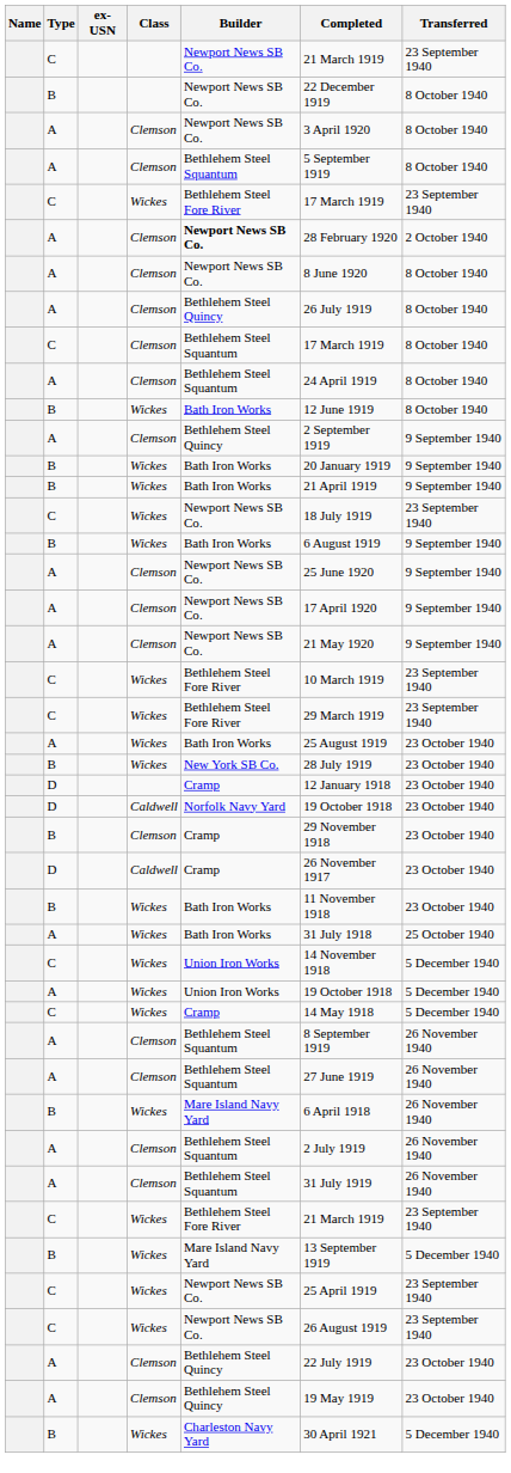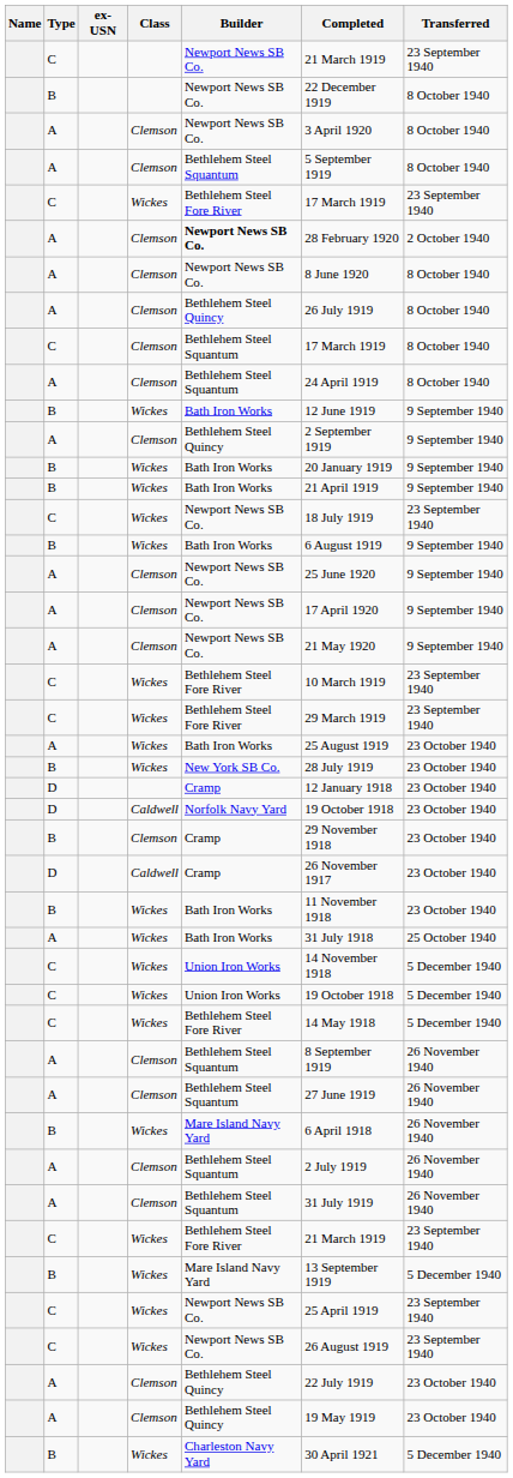 <table class="wikitable sortable plainrowheaders">
 <tr>
 <th scope="col">Name</th>
 <th scope="col">Type</th>
 <th scope="col">ex- USN</th>
 <th scope="col">Class</th>
 <th scope="col">Builder</th>
 <th scope="col">Completed</th>
 <th scope="col">Transferred</th>
 </tr>
 <tr>
 <th scope="row"></th>
 <td>C</td>
 <td></td>
 <td></td>
 <td><a href='#'>Newport News SB Co.</a></td>
 <td>21 March 1919</td>
 <td>23 September 1940</td>
 </tr>
 <tr>
 <th scope="row"></th>
 <td>B</td>
 <td></td>
 <td></td>
 <td>Newport News SB Co.</td>
 <td>22 December 1919</td>
 <td>8 October 1940</td>
 </tr>
 <tr>
 <th scope="row"></th>
 <td>A</td>
 <td></td>
 <td><em>Clemson</em></td>
 <td>Newport News SB Co.</td>
 <td>3 April 1920</td>
 <td>8 October 1940</td>
 </tr>
 <tr>
 <th scope="row"></th>
 <td>A</td>
 <td></td>
 <td><em>Clemson</em></td>
 <td>Bethlehem Steel <br><a href='#'>Squantum</a></td>
 <td>5 September 1919</td>
 <td>8 October 1940</td>
 </tr>
 <tr>
 <th scope="row"></th>
 <td>C</td>
 <td></td>
 <td><em>Wickes</em></td>
 <td>Bethlehem Steel <br><a href='#'>Fore River</a></td>
 <td>17 March 1919</td>
 <td>23 September 1940</td>
 </tr>
 <tr>
 <th scope="row"></th>
 <td>A</td>
 <td></td>
 <td><em>Clemson</em></td>
 <td><strong>Newport News SB Co.</strong></td>
 <td>28 February 1920</td>
 <td>2 October 1940</td>
 </tr>
 <tr>
 <th scope="row"></th>
 <td>A</td>
 <td></td>
 <td><em>Clemson</em></td>
 <td>Newport News SB Co.</td>
 <td>8 June 1920</td>
 <td>8 October 1940</td>
 </tr>
 <tr>
 <th scope="row"></th>
 <td>A</td>
 <td></td>
 <td><em>Clemson</em></td>
 <td>Bethlehem Steel <br><a href='#'>Quincy</a></td>
 <td>26 July 1919</td>
 <td>8 October 1940</td>
 </tr>
 <tr>
 <th scope="row"></th>
 <td>C</td>
 <td></td>
 <td><em>Clemson</em></td>
 <td>Bethlehem Steel <br>Squantum</td>
 <td>17 March 1919</td>
 <td>8 October 1940</td>
 </tr>
 <tr>
 <th scope="row"></th>
 <td>A</td>
 <td></td>
 <td><em>Clemson</em></td>
 <td>Bethlehem Steel <br>Squantum</td>
 <td>24 April 1919</td>
 <td>8 October 1940</td>
 </tr>
 <tr>
 <th scope="row"></th>
 <td>B</td>
 <td></td>
 <td><em>Wickes</em></td>
 <td><a href='#'>Bath Iron Works</a></td>
 <td>12 June 1919</td>
-<td>8 October 1940</td>
+<td>9 September 1940</td>
 </tr>
 <tr>
 <th scope="row"></th>
 <td>A</td>
 <td></td>
 <td><em>Clemson</em></td>
 <td>Bethlehem Steel <br>Quincy</td>
 <td>2 September 1919</td>
 <td>9 September 1940</td>
 </tr>
 <tr>
 <th scope="row"></th>
 <td>B</td>
 <td></td>
 <td><em>Wickes</em></td>
 <td>Bath Iron Works</td>
 <td>20 January 1919</td>
 <td>9 September 1940</td>
 </tr>
 <tr>
 <th scope="row"></th>
 <td>B</td>
 <td></td>
 <td><em>Wickes</em></td>
 <td>Bath Iron Works</td>
 <td>21 April 1919</td>
 <td>9 September 1940</td>
 </tr>
 <tr>
 <th scope="row"></th>
 <td>C</td>
 <td></td>
 <td><em>Wickes</em></td>
 <td>Newport News SB Co.</td>
 <td>18 July 1919</td>
 <td>23 September 1940</td>
 </tr>
 <tr>
 <th scope="row"></th>
 <td>B</td>
 <td></td>
 <td><em>Wickes</em></td>
 <td>Bath Iron Works</td>
 <td>6 August 1919</td>
 <td>9 September 1940</td>
 </tr>
 <tr>
 <th scope="row"></th>
 <td>A</td>
 <td></td>
 <td><em>Clemson</em></td>
 <td>Newport News SB Co.</td>
 <td>25 June 1920</td>
 <td>9 September 1940</td>
 </tr>
 <tr>
 <th scope="row"></th>
 <td>A</td>
 <td></td>
 <td><em>Clemson</em></td>
 <td>Newport News SB Co.</td>
 <td>17 April 1920</td>
 <td>9 September 1940</td>
 </tr>
 <tr>
 <th scope="row"></th>
 <td>A</td>
 <td></td>
 <td><em>Clemson</em></td>
 <td>Newport News SB Co.</td>
 <td>21 May 1920</td>
 <td>9 September 1940</td>
 </tr>
 <tr>
 <th scope="row"></th>
 <td>C</td>
 <td></td>
 <td><em>Wickes</em></td>
 <td>Bethlehem Steel <br>Fore River</td>
 <td>10 March 1919</td>
 <td>23 September 1940</td>
 </tr>
 <tr>
 <th scope="row"></th>
 <td>C</td>
 <td></td>
 <td><em>Wickes</em></td>
 <td>Bethlehem Steel <br>Fore River</td>
 <td>29 March 1919</td>
 <td>23 September 1940</td>
 </tr>
 <tr>
 <th scope="row"></th>
 <td>A</td>
 <td></td>
 <td><em>Wickes</em></td>
 <td>Bath Iron Works</td>
 <td>25 August 1919</td>
 <td>23 October 1940</td>
 </tr>
 <tr>
 <th scope="row"></th>
 <td>B</td>
 <td></td>
 <td><em>Wickes</em></td>
 <td><a href='#'>New York SB Co.</a></td>
 <td>28 July 1919</td>
 <td>23 October 1940</td>
 </tr>
 <tr>
 <th scope="row"></th>
 <td>D</td>
 <td></td>
 <td></td>
 <td><a href='#'>Cramp</a></td>
 <td>12 January 1918</td>
 <td>23 October 1940</td>
 </tr>
 <tr>
 <th scope="row"></th>
 <td>D</td>
 <td></td>
 <td><em>Caldwell</em></td>
 <td><a href='#'>Norfolk Navy Yard</a></td>
 <td>19 October 1918</td>
 <td>23 October 1940</td>
 </tr>
 <tr>
 <th scope="row"></th>
 <td>B</td>
 <td></td>
 <td><em>Clemson</em></td>
 <td>Cramp</td>
 <td>29 November 1918</td>
 <td>23 October 1940</td>
 </tr>
 <tr>
 <th scope="row"></th>
 <td>D</td>
 <td></td>
 <td><em>Caldwell</em></td>
 <td>Cramp</td>
 <td>26 November 1917</td>
 <td>23 October 1940</td>
 </tr>
 <tr>
 <th scope="row"></th>
 <td>B</td>
 <td></td>
 <td><em>Wickes</em></td>
 <td>Bath Iron Works</td>
 <td>11 November 1918</td>
 <td>23 October 1940</td>
 </tr>
 <tr>
 <th scope="row"></th>
 <td>A</td>
 <td></td>
 <td><em>Wickes</em></td>
 <td>Bath Iron Works</td>
 <td>31 July 1918</td>
 <td>25 October 1940</td>
 </tr>
 <tr>
 <th scope="row"></th>
 <td>C</td>
 <td></td>
 <td><em>Wickes</em></td>
 <td><a href='#'>Union Iron Works</a></td>
 <td>14 November 1918</td>
 <td>5 December 1940</td>
 </tr>
 <tr>
 <th scope="row"></th>
-<td>A</td>
+<td>C</td>
 <td></td>
 <td><em>Wickes</em></td>
 <td>Union Iron Works</td>
 <td>19 October 1918</td>
 <td>5 December 1940</td>
 </tr>
 <tr>
 <th scope="row"></th>
 <td>C</td>
 <td></td>
 <td><em>Wickes</em></td>
-<td><a href='#'>Cramp</a></td>
+<td>Bethlehem Steel <br>Fore River</td>
 <td>14 May 1918</td>
 <td>5 December 1940</td>
 </tr>
 <tr>
 <th scope="row"></th>
 <td>A</td>
 <td></td>
 <td><em>Clemson</em></td>
 <td>Bethlehem Steel <br>Squantum</td>
 <td>8 September 1919</td>
 <td>26 November 1940</td>
 </tr>
 <tr>
 <th scope="row"></th>
 <td>A</td>
 <td></td>
 <td><em>Clemson</em></td>
 <td>Bethlehem Steel <br>Squantum</td>
 <td>27 June 1919</td>
 <td>26 November 1940</td>
 </tr>
 <tr>
 <th scope="row"></th>
 <td>B</td>
 <td></td>
 <td><em>Wickes</em></td>
 <td><a href='#'>Mare Island Navy Yard</a></td>
 <td>6 April 1918</td>
 <td>26 November 1940</td>
 </tr>
 <tr>
 <th scope="row"></th>
 <td>A</td>
 <td></td>
 <td><em>Clemson</em></td>
 <td>Bethlehem Steel <br>Squantum</td>
 <td>2 July 1919</td>
 <td>26 November 1940</td>
 </tr>
 <tr>
 <th scope="row"></th>
 <td>A</td>
 <td></td>
 <td><em>Clemson</em></td>
 <td>Bethlehem Steel <br>Squantum</td>
 <td>31 July 1919</td>
 <td>26 November 1940</td>
 </tr>
 <tr>
 <th scope="row"></th>
 <td>C</td>
 <td></td>
 <td><em>Wickes</em></td>
 <td>Bethlehem Steel <br>Fore River</td>
 <td>21 March 1919</td>
 <td>23 September 1940</td>
 </tr>
 <tr>
 <th scope="row"></th>
 <td>B</td>
 <td></td>
 <td><em>Wickes</em></td>
 <td>Mare Island Navy Yard</td>
 <td>13 September 1919</td>
 <td>5 December 1940</td>
 </tr>
 <tr>
 <th scope="row"></th>
 <td>C</td>
 <td></td>
 <td><em>Wickes</em></td>
 <td>Newport News SB Co.</td>
 <td>25 April 1919</td>
 <td>23 September 1940</td>
 </tr>
 <tr>
 <th scope="row"></th>
 <td>C</td>
 <td></td>
 <td><em>Wickes</em></td>
 <td>Newport News SB Co.</td>
 <td>26 August 1919</td>
 <td>23 September 1940</td>
 </tr>
 <tr>
 <th scope="row"></th>
 <td>A</td>
 <td></td>
 <td><em>Clemson</em></td>
 <td>Bethlehem Steel <br>Quincy</td>
 <td>22 July 1919</td>
 <td>23 October 1940</td>
 </tr>
 <tr>
 <th scope="row"></th>
 <td>A</td>
 <td></td>
 <td><em>Clemson</em></td>
 <td>Bethlehem Steel <br>Quincy</td>
 <td>19 May 1919</td>
 <td>23 October 1940</td>
 </tr>
 <tr>
 <th scope="row"></th>
 <td>B</td>
 <td></td>
 <td><em>Wickes</em></td>
 <td><a href='#'>Charleston Navy Yard</a></td>
 <td>30 April 1921</td>
 <td>5 December 1940</td>
 </tr>
 </table>
